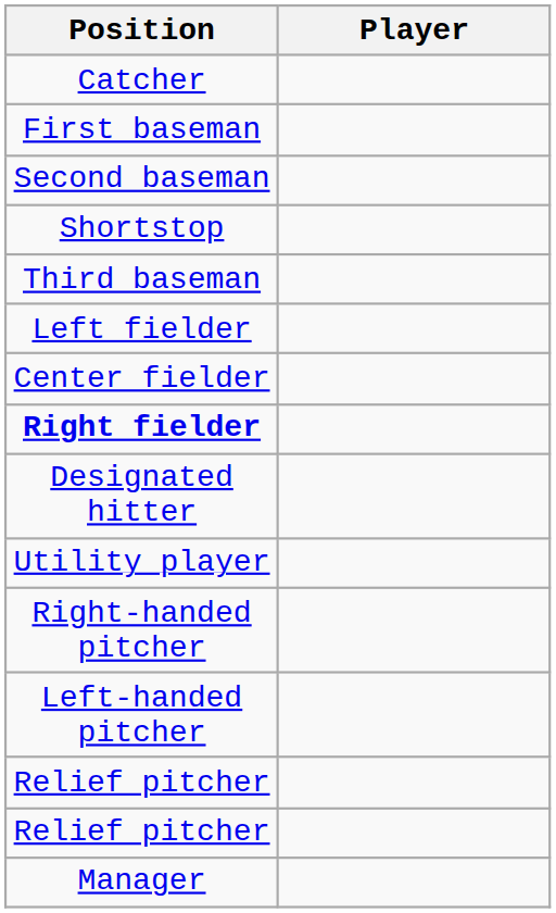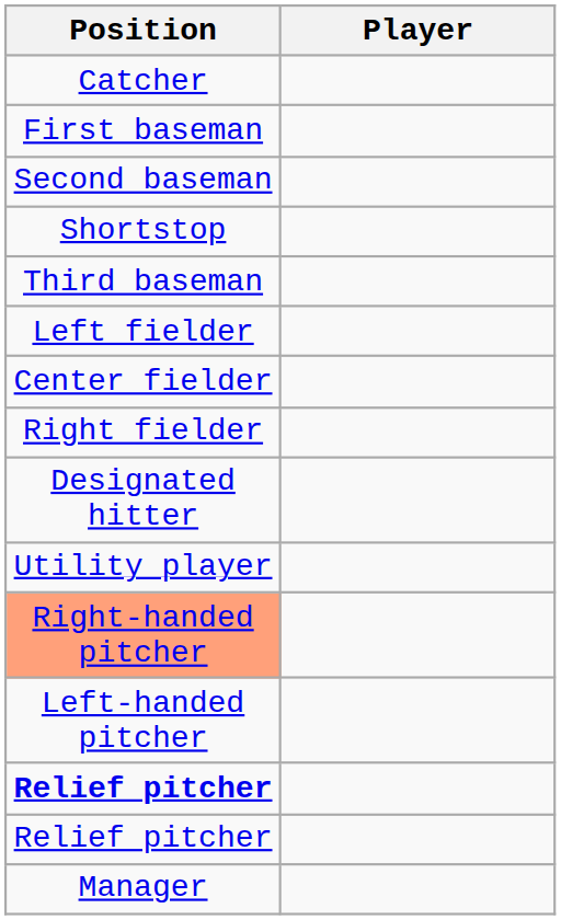 <table class="wikitable sortable" style="text-align:center">
 <tr>
 <th width="110px">Position</th>
 <th width="110px">Player</th>
 </tr>
 <tr>
 <td><a href='#'>Catcher</a></td>
 <td></td>
 </tr>
 <tr>
 <td><a href='#'>First baseman</a></td>
 <td></td>
 </tr>
 <tr>
 <td><a href='#'>Second baseman</a></td>
 <td></td>
 </tr>
 <tr>
 <td><a href='#'>Shortstop</a></td>
 <td></td>
 </tr>
 <tr>
 <td><a href='#'>Third baseman</a></td>
 <td></td>
 </tr>
 <tr>
 <td><a href='#'>Left fielder</a></td>
 <td></td>
 </tr>
 <tr>
 <td><a href='#'>Center fielder</a></td>
 <td></td>
 </tr>
 <tr>
-<td><strong><a href='#'>Right fielder</a></strong></td>
+<td><a href='#'>Right fielder</a></td>
 <td></td>
 </tr>
 <tr>
 <td><a href='#'>Designated hitter</a></td>
 <td></td>
 </tr>
 <tr>
 <td><a href='#'>Utility player</a></td>
 <td></td>
 </tr>
 <tr>
-<td><a href='#'>Right-handed pitcher</a></td>
+<td style="background: lightsalmon;"><a href='#'>Right-handed pitcher</a></td>
 <td></td>
 </tr>
 <tr>
 <td><a href='#'>Left-handed pitcher</a></td>
 <td></td>
 </tr>
 <tr>
-<td><a href='#'>Relief pitcher</a></td>
+<td><strong><a href='#'>Relief pitcher</a></strong></td>
 <td></td>
 </tr>
 <tr>
 <td><a href='#'>Relief pitcher</a></td>
 <td></td>
 </tr>
 <tr>
 <td><a href='#'>Manager</a></td>
 <td></td>
 </tr>
 </table>
